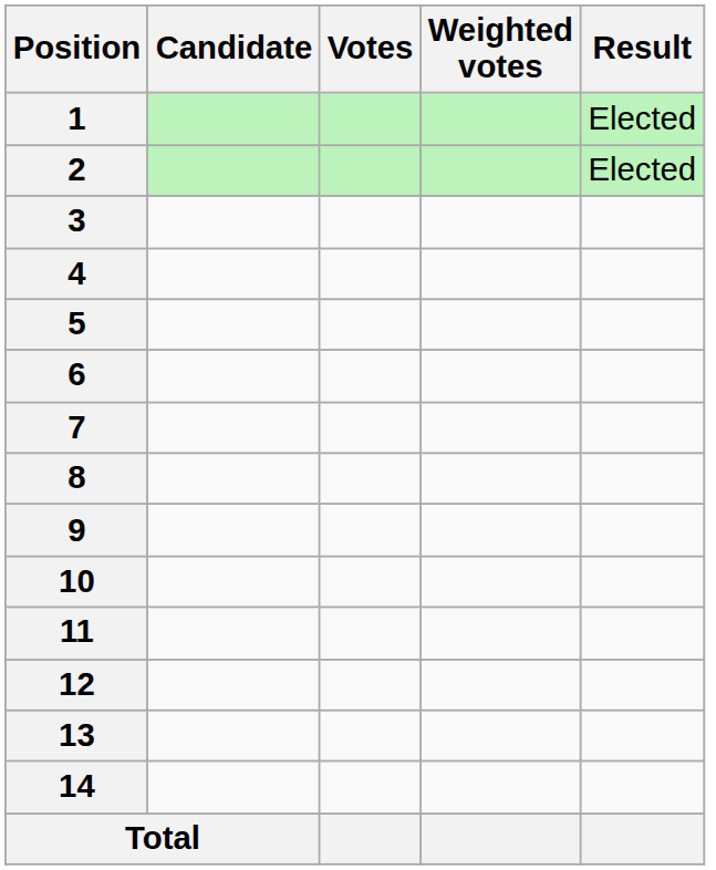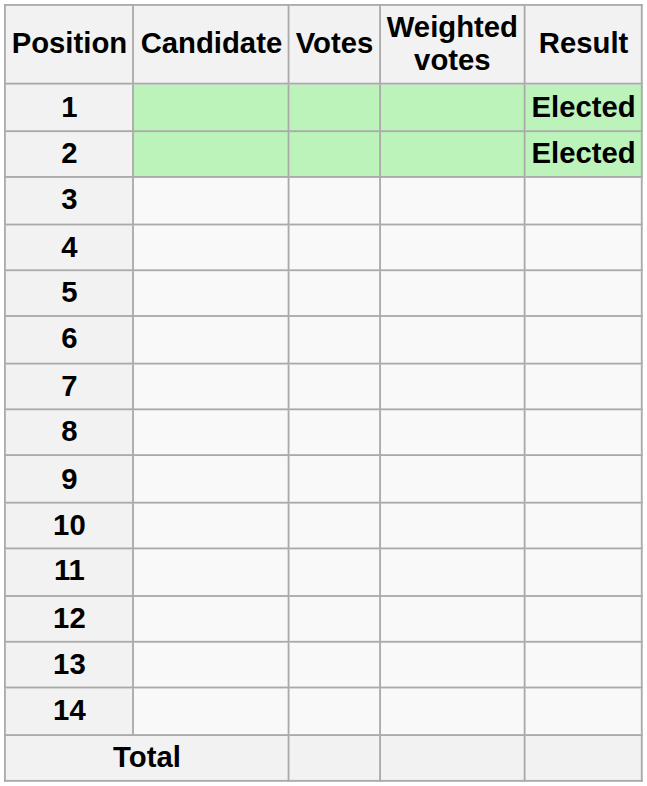 <table class="wikitable sortable">
 <tr>
 <th scope="col">Position</th>
 <th scope="col">Candidate</th>
 <th scope="col">Votes</th>
 <th scope="col">Weighted<br>votes</th>
 <th scope="col">Result</th>
 </tr>
 <tr bgcolor=bbf3bb>
 <th scope="row">1</th>
 <td></td>
 <td style="text-align:right"></td>
 <td style="text-align:right"></td>
-<td>Elected</td>
+<td><strong>Elected</strong></td>
 </tr>
 <tr bgcolor=bbf3bb>
 <th scope="row">2</th>
 <td></td>
 <td style="text-align:right"></td>
 <td style="text-align:right"></td>
-<td>Elected</td>
+<td><strong>Elected</strong></td>
 </tr>
 <tr Elected>
 <th scope="row">3</th>
 <td></td>
 <td style="text-align:right"></td>
 <td style="text-align:right"></td>
 <td></td>
 </tr>
 <tr>
 <th scope="row">4</th>
 <td></td>
 <td style="text-align:right"></td>
 <td style="text-align:right"></td>
 <td></td>
 </tr>
 <tr>
 <th scope="row">5</th>
 <td></td>
 <td style="text-align:right"></td>
 <td style="text-align:right"></td>
 <td></td>
 </tr>
 <tr>
 <th scope="row">6</th>
 <td></td>
 <td style="text-align:right"></td>
 <td style="text-align:right"></td>
 <td></td>
 </tr>
 <tr>
 <th scope="row">7</th>
 <td></td>
 <td style="text-align:right"></td>
 <td style="text-align:right"></td>
 <td></td>
 </tr>
 <tr>
 <th scope="row">8</th>
 <td></td>
 <td style="text-align:right"></td>
 <td style="text-align:right"></td>
 <td></td>
 </tr>
 <tr>
 <th scope="row">9</th>
 <td></td>
 <td style="text-align:right"></td>
 <td style="text-align:right"></td>
 <td></td>
 </tr>
 <tr>
 <th scope="row">10</th>
 <td></td>
 <td style="text-align:right"></td>
 <td style="text-align:right"></td>
 <td></td>
 </tr>
 <tr>
 <th scope="row">11</th>
 <td></td>
 <td style="text-align:right"></td>
 <td style="text-align:right"></td>
 <td></td>
 </tr>
 <tr>
 <th scope="row">12</th>
 <td></td>
 <td style="text-align:right"></td>
 <td style="text-align:right"></td>
 <td></td>
 </tr>
 <tr>
 <th scope="row">13</th>
 <td></td>
 <td style="text-align:right"></td>
 <td style="text-align:right"></td>
 <td></td>
 </tr>
 <tr>
 <th scope="row">14</th>
 <td></td>
 <td style="text-align:right"></td>
 <td style="text-align:right"></td>
 <td></td>
 </tr>
 <tr class="sortbottom">
 <th scope="row" colspan="2">Total</th>
 <th style="text-align:right"></th>
 <th style="text-align:right"></th>
 <th></th>
 </tr>
 </table>
